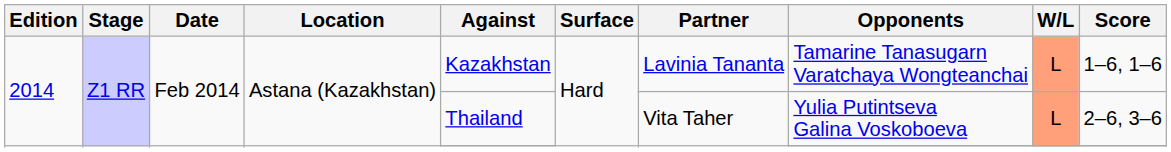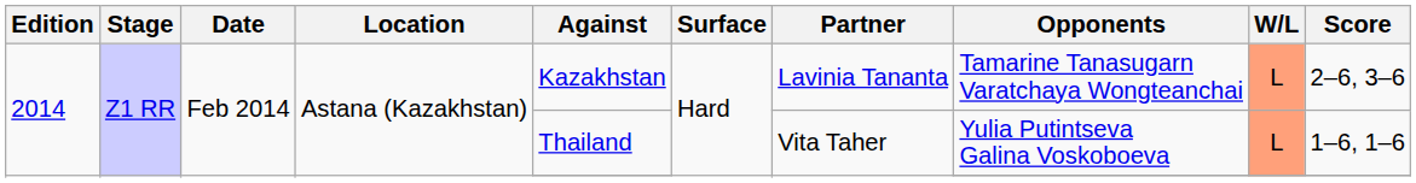 <table class=wikitable>
 <tr>
 <th>Edition</th>
 <th>Stage</th>
 <th>Date</th>
 <th>Location</th>
 <th>Against</th>
 <th>Surface</th>
 <th>Partner</th>
 <th>Opponents</th>
 <th>W/L</th>
 <th>Score</th>
 </tr>
 <tr>
 <td rowspan=4><a href='#'>2014</a></td>
 <td style="background:#CCCCFF;" rowspan=4><a href='#'>Z1 RR</a></td>
 <td rowspan="4">Feb 2014</td>
 <td rowspan=4>Astana (Kazakhstan)</td>
 <td> <a href='#'>Kazakhstan</a></td>
 <td rowspan=4>Hard</td>
 <td><a href='#'>Lavinia Tananta</a></td>
 <td><a href='#'>Tamarine Tanasugarn</a> <br> <a href='#'>Varatchaya Wongteanchai</a></td>
 <td style="text-align:center; background:#ffa07a;">L</td>
-<td>1–6, 1–6</td>
+<td>2–6, 3–6</td>
 </tr>
 <tr>
 <td> <a href='#'>Thailand</a></td>
 <td rowspan=2>Vita Taher</td>
 <td><a href='#'>Yulia Putintseva</a> <br> <a href='#'>Galina Voskoboeva</a></td>
 <td style="text-align:center; background:#ffa07a;">L</td>
-<td>2–6, 3–6</td>
+<td>1–6, 1–6</td>
 </tr>
 <tr>
 </tr>
 </table>
